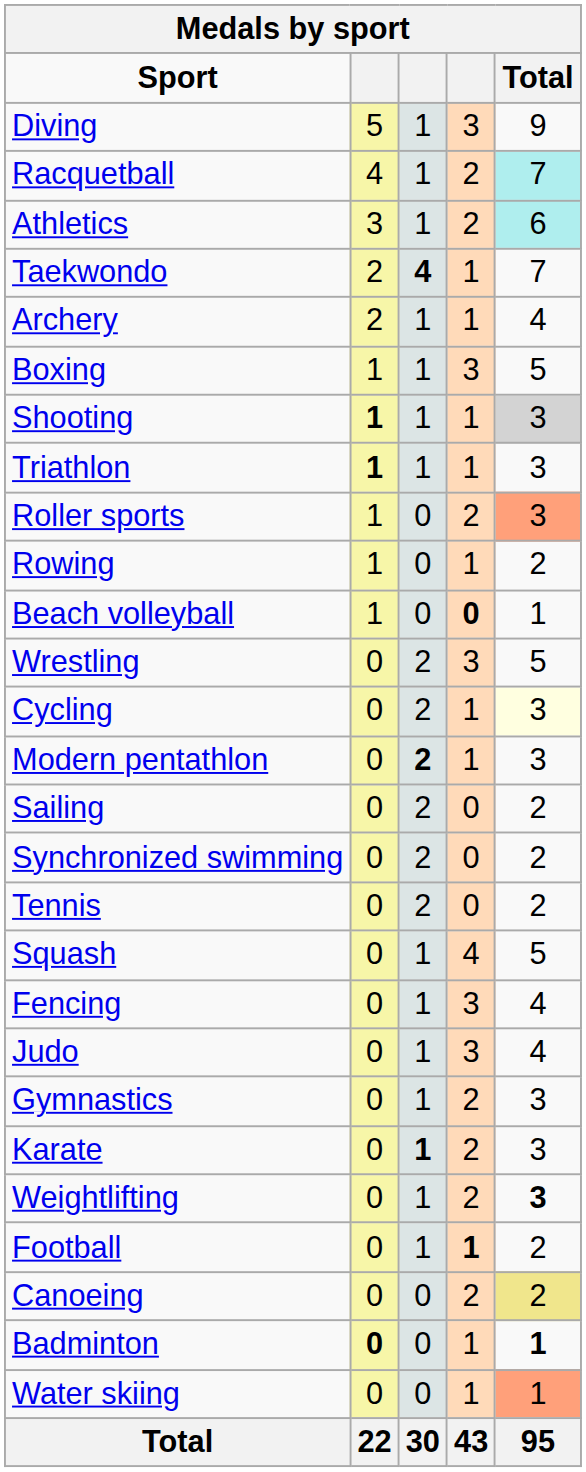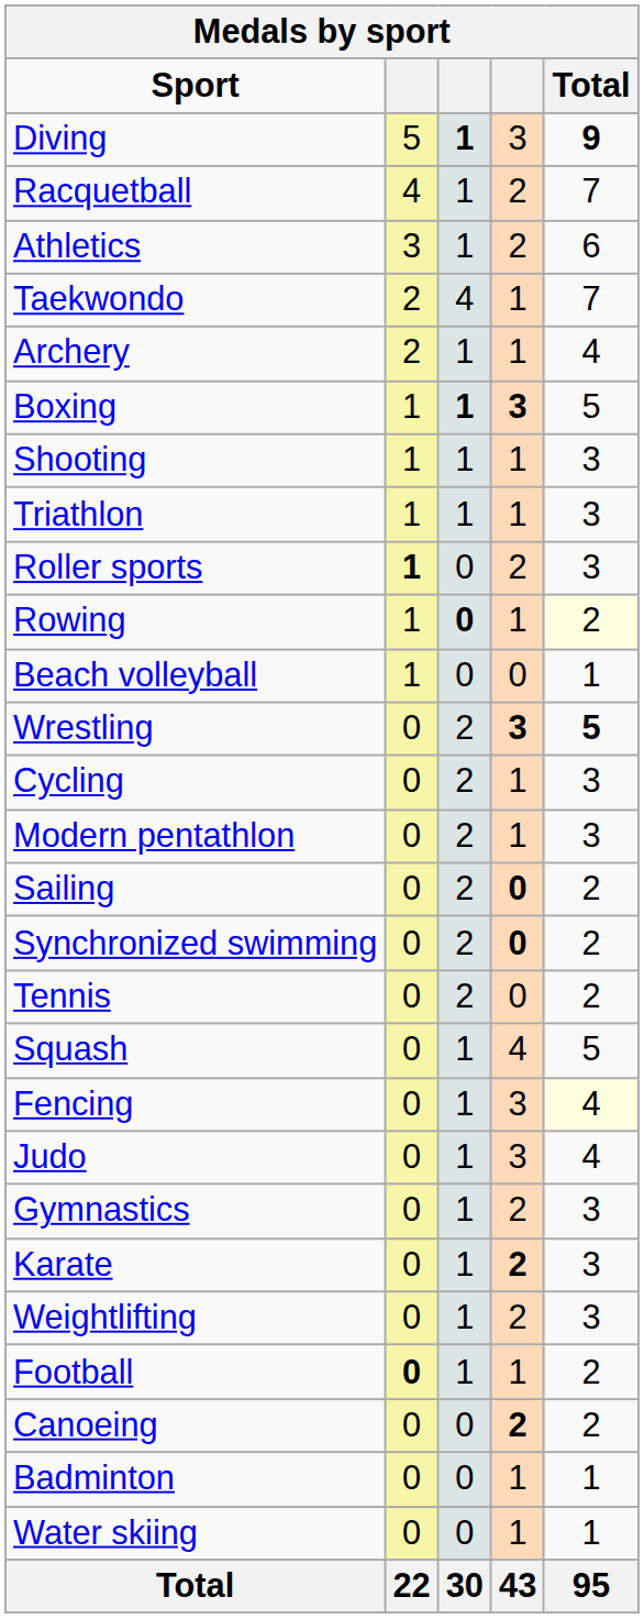 <table class="wikitable" border="1"  style="size:95%">
 <tr>
 <th colspan=5>Medals by sport</th>
 </tr>
 <tr align=center>
 <td><strong>Sport</strong></td>
 <th bgcolor=#f7f6a8></th>
 <th bgcolor=#dce5e5></th>
 <th bgcolor=#ffdab9></th>
 <th>Total</th>
 </tr>
 <tr align=center>
 <td align=left><a href='#'>Diving</a></td>
 <td bgcolor=#f7f6a8>5</td>
-<td bgcolor=#dce5e5>1</td>
+<td bgcolor=#dce5e5><strong>1</strong></td>
 <td bgcolor=#ffdab9>3</td>
-<td>9</td>
+<td><strong>9</strong></td>
 </tr>
 <tr align=center>
 <td align=left><a href='#'>Racquetball</a></td>
 <td bgcolor=#f7f6a8>4</td>
 <td bgcolor=#dce5e5>1</td>
 <td bgcolor=#ffdab9>2</td>
-<td style="background: paleturquoise;">7</td>
+<td>7</td>
 </tr>
 <tr align=center>
 <td align=left><a href='#'>Athletics</a></td>
 <td bgcolor=#f7f6a8>3</td>
 <td bgcolor=#dce5e5>1</td>
 <td bgcolor=#ffdab9>2</td>
-<td style="background: paleturquoise;">6</td>
+<td>6</td>
 </tr>
 <tr align=center>
 <td align=left><a href='#'>Taekwondo</a></td>
 <td bgcolor=#f7f6a8>2</td>
-<td bgcolor=#dce5e5><strong>4</strong></td>
+<td bgcolor=#dce5e5>4</td>
 <td bgcolor=#ffdab9>1</td>
 <td>7</td>
 </tr>
 <tr align=center>
 <td align=left><a href='#'>Archery</a></td>
 <td bgcolor=#f7f6a8>2</td>
 <td bgcolor=#dce5e5>1</td>
 <td bgcolor=#ffdab9>1</td>
 <td>4</td>
 </tr>
 <tr align=center>
 <td align=left><a href='#'>Boxing</a></td>
 <td bgcolor=#f7f6a8>1</td>
-<td bgcolor=#dce5e5>1</td>
-<td bgcolor=#ffdab9>3</td>
+<td bgcolor=#dce5e5><strong>1</strong></td>
+<td bgcolor=#ffdab9><strong>3</strong></td>
 <td>5</td>
 </tr>
 <tr align=center>
 <td align=left><a href='#'>Shooting</a></td>
-<td bgcolor=#f7f6a8><strong>1</strong></td>
+<td bgcolor=#f7f6a8>1</td>
 <td bgcolor=#dce5e5>1</td>
 <td bgcolor=#ffdab9>1</td>
-<td style="background: lightgrey;">3</td>
+<td>3</td>
 </tr>
 <tr align=center>
 <td align=left><a href='#'>Triathlon</a></td>
-<td bgcolor=#f7f6a8><strong>1</strong></td>
+<td bgcolor=#f7f6a8>1</td>
 <td bgcolor=#dce5e5>1</td>
 <td bgcolor=#ffdab9>1</td>
 <td>3</td>
 </tr>
 <tr align=center>
 <td align=left><a href='#'>Roller sports</a></td>
-<td bgcolor=#f7f6a8>1</td>
+<td bgcolor=#f7f6a8><strong>1</strong></td>
 <td bgcolor=#dce5e5>0</td>
 <td bgcolor=#ffdab9>2</td>
-<td style="background: lightsalmon;">3</td>
+<td>3</td>
 </tr>
 <tr align=center>
 <td align=left><a href='#'>Rowing</a></td>
 <td bgcolor=#f7f6a8>1</td>
-<td bgcolor=#dce5e5>0</td>
+<td bgcolor=#dce5e5><strong>0</strong></td>
 <td bgcolor=#ffdab9>1</td>
-<td>2</td>
+<td style="background: lightyellow;">2</td>
 </tr>
 <tr align=center>
 <td align=left><a href='#'>Beach volleyball</a></td>
 <td bgcolor=#f7f6a8>1</td>
 <td bgcolor=#dce5e5>0</td>
-<td bgcolor=#ffdab9><strong>0</strong></td>
+<td bgcolor=#ffdab9>0</td>
 <td>1</td>
 </tr>
 <tr align=center>
 <td align=left><a href='#'>Wrestling</a></td>
 <td bgcolor=#f7f6a8>0</td>
 <td bgcolor=#dce5e5>2</td>
-<td bgcolor=#ffdab9>3</td>
-<td>5</td>
+<td bgcolor=#ffdab9><strong>3</strong></td>
+<td><strong>5</strong></td>
 </tr>
 <tr align=center>
 <td align=left><a href='#'>Cycling</a></td>
 <td bgcolor=#f7f6a8>0</td>
 <td bgcolor=#dce5e5>2</td>
 <td bgcolor=#ffdab9>1</td>
-<td style="background: lightyellow;">3</td>
+<td>3</td>
 </tr>
 <tr align=center>
 <td align=left><a href='#'>Modern pentathlon</a></td>
 <td bgcolor=#f7f6a8>0</td>
-<td bgcolor=#dce5e5><strong>2</strong></td>
+<td bgcolor=#dce5e5>2</td>
 <td bgcolor=#ffdab9>1</td>
 <td>3</td>
 </tr>
 <tr align=center>
 <td align=left><a href='#'>Sailing</a></td>
 <td bgcolor=#f7f6a8>0</td>
 <td bgcolor=#dce5e5>2</td>
-<td bgcolor=#ffdab9>0</td>
+<td bgcolor=#ffdab9><strong>0</strong></td>
 <td>2</td>
 </tr>
 <tr align=center>
 <td align=left><a href='#'>Synchronized swimming</a></td>
 <td bgcolor=#f7f6a8>0</td>
 <td bgcolor=#dce5e5>2</td>
-<td bgcolor=#ffdab9>0</td>
+<td bgcolor=#ffdab9><strong>0</strong></td>
 <td>2</td>
 </tr>
 <tr align=center>
 <td align=left><a href='#'>Tennis</a></td>
 <td bgcolor=#f7f6a8>0</td>
 <td bgcolor=#dce5e5>2</td>
 <td bgcolor=#ffdab9>0</td>
 <td>2</td>
 </tr>
 <tr align=center>
 <td align=left><a href='#'>Squash</a></td>
 <td bgcolor=#f7f6a8>0</td>
 <td bgcolor=#dce5e5>1</td>
 <td bgcolor=#ffdab9>4</td>
 <td>5</td>
 </tr>
 <tr align=center>
 <td align=left><a href='#'>Fencing</a></td>
 <td bgcolor=#f7f6a8>0</td>
 <td bgcolor=#dce5e5>1</td>
 <td bgcolor=#ffdab9>3</td>
-<td>4</td>
+<td style="background: lightyellow;">4</td>
 </tr>
 <tr align=center>
 <td align=left><a href='#'>Judo</a></td>
 <td bgcolor=#f7f6a8>0</td>
 <td bgcolor=#dce5e5>1</td>
 <td bgcolor=#ffdab9>3</td>
 <td>4</td>
 </tr>
 <tr align=center>
 <td align=left><a href='#'>Gymnastics</a></td>
 <td bgcolor=#f7f6a8>0</td>
 <td bgcolor=#dce5e5>1</td>
 <td bgcolor=#ffdab9>2</td>
 <td>3</td>
 </tr>
 <tr align=center>
 <td align=left><a href='#'>Karate</a></td>
 <td bgcolor=#f7f6a8>0</td>
-<td bgcolor=#dce5e5><strong>1</strong></td>
-<td bgcolor=#ffdab9>2</td>
+<td bgcolor=#dce5e5>1</td>
+<td bgcolor=#ffdab9><strong>2</strong></td>
 <td>3</td>
 </tr>
 <tr align=center>
 <td align=left><a href='#'>Weightlifting</a></td>
 <td bgcolor=#f7f6a8>0</td>
 <td bgcolor=#dce5e5>1</td>
 <td bgcolor=#ffdab9>2</td>
-<td><strong>3</strong></td>
+<td>3</td>
 </tr>
 <tr align=center>
 <td align=left><a href='#'>Football</a></td>
-<td bgcolor=#f7f6a8>0</td>
+<td bgcolor=#f7f6a8><strong>0</strong></td>
 <td bgcolor=#dce5e5>1</td>
-<td bgcolor=#ffdab9><strong>1</strong></td>
+<td bgcolor=#ffdab9>1</td>
 <td>2</td>
 </tr>
 <tr align=center>
 <td align=left><a href='#'>Canoeing</a></td>
 <td bgcolor=#f7f6a8>0</td>
 <td bgcolor=#dce5e5>0</td>
-<td bgcolor=#ffdab9>2</td>
-<td style="background: khaki;">2</td>
+<td bgcolor=#ffdab9><strong>2</strong></td>
+<td>2</td>
 </tr>
 <tr align=center>
 <td align=left><a href='#'>Badminton</a></td>
-<td bgcolor=#f7f6a8><strong>0</strong></td>
+<td bgcolor=#f7f6a8>0</td>
 <td bgcolor=#dce5e5>0</td>
 <td bgcolor=#ffdab9>1</td>
-<td><strong>1</strong></td>
+<td>1</td>
 </tr>
 <tr align=center>
 <td align=left><a href='#'>Water skiing</a></td>
 <td bgcolor=#f7f6a8>0</td>
 <td bgcolor=#dce5e5>0</td>
 <td bgcolor=#ffdab9>1</td>
-<td style="background: lightsalmon;">1</td>
+<td>1</td>
 </tr>
 <tr align=center>
 <th bgcolor=#efefef>Total</th>
 <th bgcolor=#f7f6a8>22</th>
 <th bgcolor=#dce5e5>30</th>
 <th bgcolor=#ffdab9>43</th>
 <th>95</th>
 </tr>
 </table>
